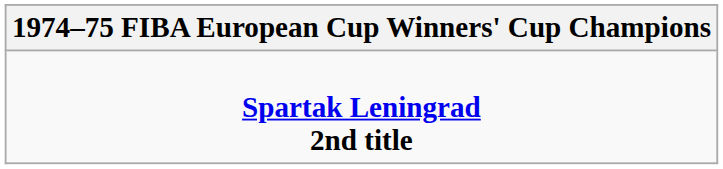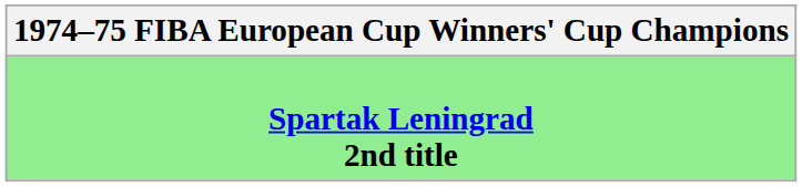 <table class=wikitable style="text-align:center; margin:auto">
 <tr>
 <th>1974–75 FIBA European Cup Winners' Cup Champions</th>
 </tr>
 <tr>
-<td><br> <strong><a href='#'>Spartak Leningrad</a></strong> <br> <strong>2nd title</strong></td>
+<td style="background: lightgreen;"><br> <strong><a href='#'>Spartak Leningrad</a></strong> <br> <strong>2nd title</strong></td>
 </tr>
 </table>
